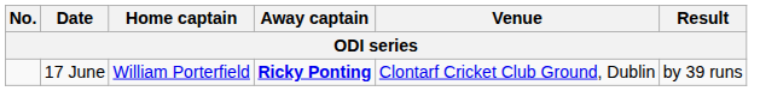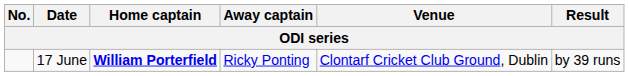 <table class="wikitable">
 <tr>
 <th>No.</th>
 <th>Date</th>
 <th>Home captain</th>
 <th>Away captain</th>
 <th>Venue</th>
 <th>Result</th>
 </tr>
 <tr>
 <th colspan="9">ODI series</th>
 </tr>
 <tr>
 <td></td>
 <td>17 June</td>
-<td><a href='#'>William Porterfield</a></td>
-<td><strong><a href='#'>Ricky Ponting</a></strong></td>
+<td><strong><a href='#'>William Porterfield</a></strong></td>
+<td><a href='#'>Ricky Ponting</a></td>
 <td><a href='#'>Clontarf Cricket Club Ground</a>, Dublin</td>
 <td> by 39 runs</td>
 </tr>
 </table>
